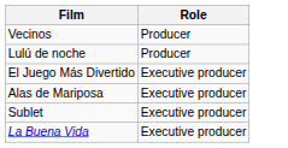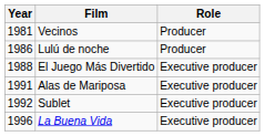 <table class="wikitable sortable">
 <tr>
+<th>Year</th>
 <th>Film</th>
 <th>Role</th>
 </tr>
 <tr>
+<td>1981</td>
 <td>Vecinos</td>
 <td>Producer</td>
 </tr>
 <tr>
+<td>1986</td>
 <td>Lulú de noche</td>
 <td>Producer</td>
 </tr>
 <tr>
+<td>1988</td>
 <td>El Juego Más Divertido</td>
 <td>Executive producer</td>
 </tr>
 <tr>
+<td>1991</td>
 <td>Alas de Mariposa</td>
 <td>Executive producer</td>
 </tr>
 <tr>
+<td>1992</td>
 <td>Sublet</td>
 <td>Executive producer</td>
 </tr>
 <tr>
+<td>1996</td>
 <td><em><a href='#'>La Buena Vida</a></em></td>
 <td>Executive producer</td>
 </tr>
 </table>
